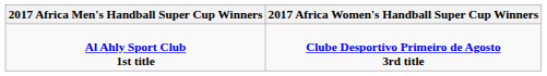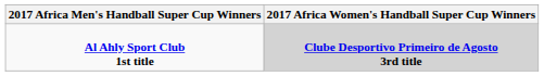 <table class=wikitable style="text-align:center; margin:auto">
 <tr>
 <th>2017 Africa Men's Handball Super Cup Winners</th>
 <th>2017 Africa Women's Handball Super Cup Winners</th>
 </tr>
 <tr>
 <td><br><strong><a href='#'>Al Ahly Sport Club</a></strong><br><strong>1st title</strong></td>
-<td><br><strong><a href='#'>Clube Desportivo Primeiro de Agosto</a></strong><br><strong>3rd title</strong></td>
+<td style="background: lightgrey;"><br><strong><a href='#'>Clube Desportivo Primeiro de Agosto</a></strong><br><strong>3rd title</strong></td>
 </tr>
 </table>
